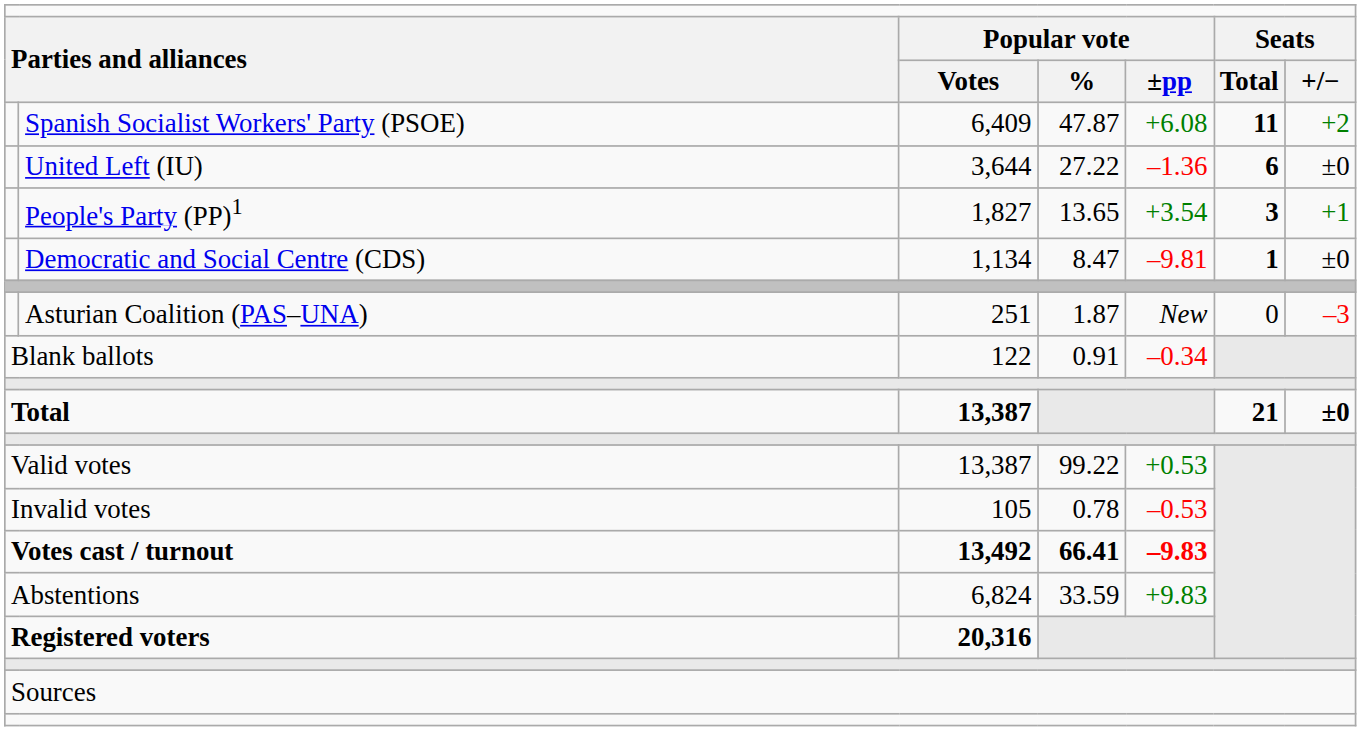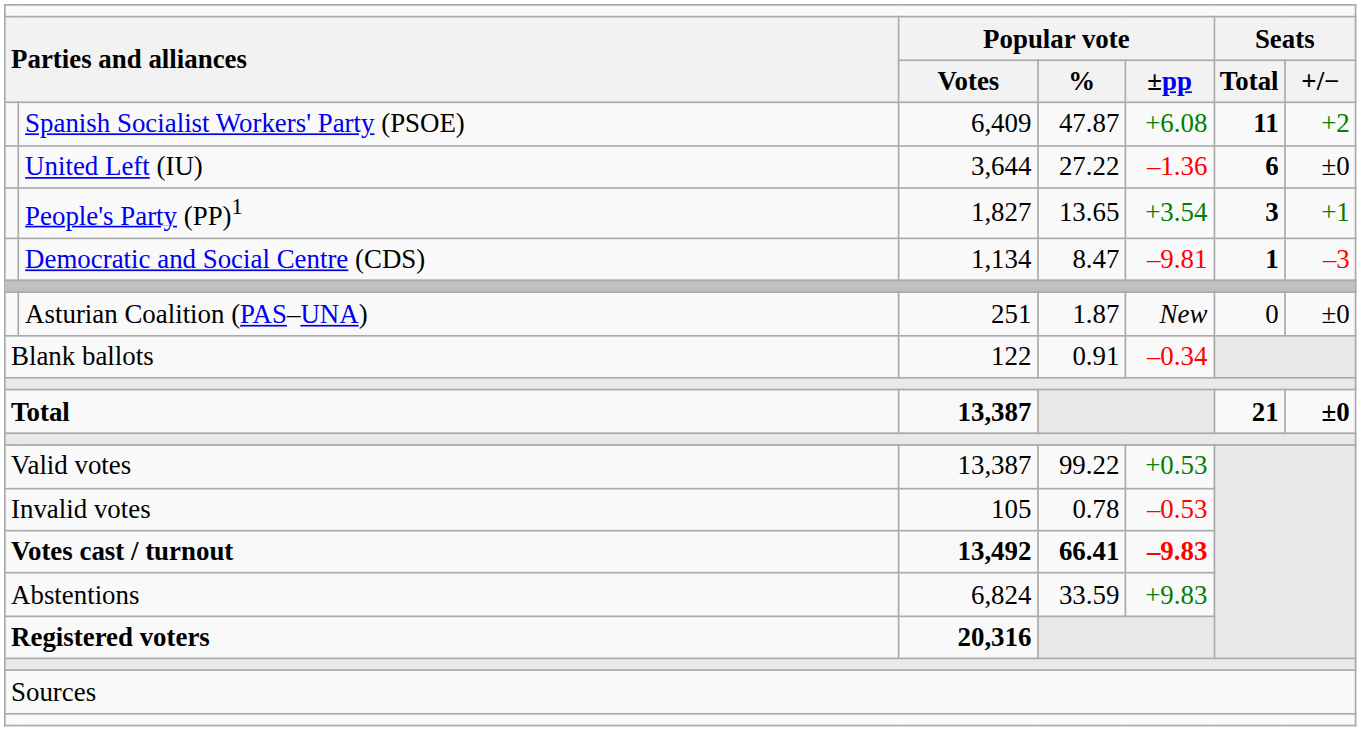 <table class="wikitable" style="text-align:right;">
 <tr>
 <td colspan="7"></td>
 </tr>
 <tr>
 <th style="text-align:left;" rowspan="2" colspan="2" width="525">Parties and alliances</th>
 <th colspan="3">Popular vote</th>
 <th colspan="2">Seats</th>
 </tr>
 <tr>
 <th width="75">Votes</th>
 <th width="45">%</th>
 <th width="45">±<a href='#'>pp</a></th>
 <th width="35">Total</th>
 <th width="35">+/−</th>
 </tr>
 <tr>
 <td width="1" style="color:inherit;background:"></td>
 <td align="left"><a href='#'>Spanish Socialist Workers' Party</a> (PSOE)</td>
 <td>6,409</td>
 <td>47.87</td>
 <td style="color:green;">+6.08</td>
 <td><strong>11</strong></td>
 <td style="color:green;">+2</td>
 </tr>
 <tr>
 <td style="color:inherit;background:"></td>
 <td align="left"><a href='#'>United Left</a> (IU)</td>
 <td>3,644</td>
 <td>27.22</td>
 <td style="color:red;">–1.36</td>
 <td><strong>6</strong></td>
 <td>±0</td>
 </tr>
 <tr>
 <td style="color:inherit;background:"></td>
 <td align="left"><a href='#'>People's Party</a> (PP)<sup>1</sup></td>
 <td>1,827</td>
 <td>13.65</td>
 <td style="color:green;">+3.54</td>
 <td><strong>3</strong></td>
 <td style="color:green;">+1</td>
 </tr>
 <tr>
 <td style="color:inherit;background:"></td>
 <td align="left"><a href='#'>Democratic and Social Centre</a> (CDS)</td>
 <td>1,134</td>
 <td>8.47</td>
 <td style="color:red;">–9.81</td>
 <td><strong>1</strong></td>
-<td>±0</td>
+<td style="color:red;">–3</td>
 </tr>
 <tr>
 <td colspan="7" bgcolor="#C0C0C0"></td>
 </tr>
 <tr>
 <td style="color:inherit;background:"></td>
 <td align="left">Asturian Coalition (<a href='#'>PAS</a>–<a href='#'>UNA</a>)</td>
 <td>251</td>
 <td>1.87</td>
 <td><em>New</em></td>
 <td>0</td>
-<td style="color:red;">–3</td>
+<td>±0</td>
 </tr>
 <tr>
 <td align="left" colspan="2">Blank ballots</td>
 <td>122</td>
 <td>0.91</td>
 <td style="color:red;">–0.34</td>
 <td bgcolor="#E9E9E9" colspan="2"></td>
 </tr>
 <tr>
 <td colspan="7" bgcolor="#E9E9E9"></td>
 </tr>
 <tr style="font-weight:bold;">
 <td align="left" colspan="2">Total</td>
 <td>13,387</td>
 <td bgcolor="#E9E9E9" colspan="2"></td>
 <td>21</td>
 <td>±0</td>
 </tr>
 <tr>
 <td colspan="7" bgcolor="#E9E9E9"></td>
 </tr>
 <tr>
 <td align="left" colspan="2">Valid votes</td>
 <td>13,387</td>
 <td>99.22</td>
 <td style="color:green;">+0.53</td>
 <td bgcolor="#E9E9E9" colspan="2" rowspan="5"></td>
 </tr>
 <tr>
 <td align="left" colspan="2">Invalid votes</td>
 <td>105</td>
 <td>0.78</td>
 <td style="color:red;">–0.53</td>
 </tr>
 <tr style="font-weight:bold;">
 <td align="left" colspan="2">Votes cast / turnout</td>
 <td>13,492</td>
 <td>66.41</td>
 <td style="color:red;">–9.83</td>
 </tr>
 <tr>
 <td align="left" colspan="2">Abstentions</td>
 <td>6,824</td>
 <td>33.59</td>
 <td style="color:green;">+9.83</td>
 </tr>
 <tr style="font-weight:bold;">
 <td align="left" colspan="2">Registered voters</td>
 <td>20,316</td>
 <td bgcolor="#E9E9E9" colspan="2"></td>
 </tr>
 <tr>
 <td colspan="7" bgcolor="#E9E9E9"></td>
 </tr>
 <tr>
 <td align="left" colspan="7">Sources</td>
 </tr>
 <tr>
 <td colspan="7" style="text-align:left; max-width:790px;"></td>
 </tr>
 </table>
